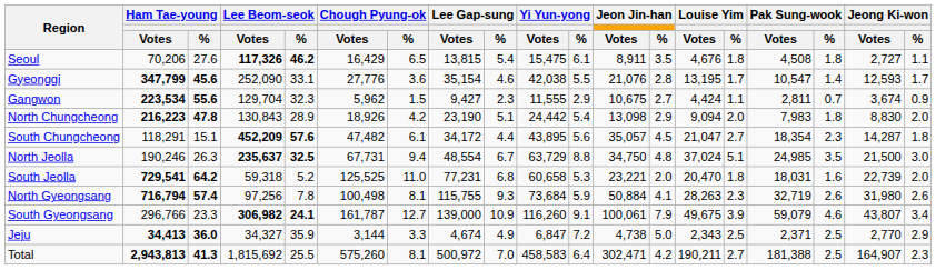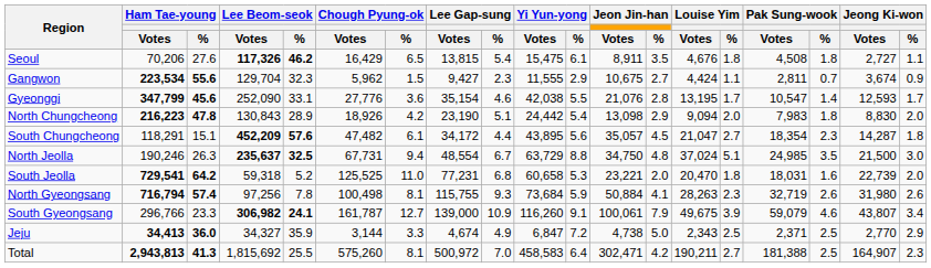 <table class="wikitable" style="text-align:right; font-size: 0.9em;">
 <tr>
 <th rowspan="3">Region</th>
 <th colspan="2"><a href='#'>Ham Tae-young</a></th>
 <th colspan="2"><a href='#'>Lee Beom-seok</a></th>
 <th colspan="2"><a href='#'>Chough Pyung-ok</a></th>
 <th colspan="2">Lee Gap-sung</th>
 <th colspan="2"><a href='#'>Yi Yun-yong</a></th>
 <th colspan="2">Jeon Jin-han</th>
 <th colspan="2">Louise Yim</th>
 <th colspan="2">Pak Sung-wook</th>
 <th colspan="2">Jeong Ki-won</th>
 </tr>
 <tr>
 <th colspan="2" style="background:"></th>
 <th colspan="2" style="background:"></th>
 <th colspan="2" style="background:"></th>
 <th colspan="2" style="background:"></th>
 <th colspan="2" style="background:"></th>
 <th colspan="2" style="background:orange;"></th>
 <th colspan="2" style="background:"></th>
 <th colspan="2" style="background:"></th>
 <th colspan="2" style="background:"></th>
 </tr>
 <tr>
 <th>Votes</th>
 <th>%</th>
 <th>Votes</th>
 <th>%</th>
 <th>Votes</th>
 <th>%</th>
 <th>Votes</th>
 <th>%</th>
 <th>Votes</th>
 <th>%</th>
 <th>Votes</th>
 <th>%</th>
 <th>Votes</th>
 <th>%</th>
 <th>Votes</th>
 <th>%</th>
 <th>Votes</th>
 <th>%</th>
 </tr>
 <tr>
 <td align=left><a href='#'>Seoul</a></td>
 <td>70,206</td>
 <td>27.6</td>
 <td><strong>117,326</strong></td>
 <td><strong>46.2</strong></td>
 <td>16,429</td>
 <td>6.5</td>
 <td>13,815</td>
 <td>5.4</td>
 <td>15,475</td>
 <td>6.1</td>
 <td>8,911</td>
 <td>3.5</td>
 <td>4,676</td>
 <td>1.8</td>
 <td>4,508</td>
 <td>1.8</td>
 <td>2,727</td>
 <td>1.1</td>
 </tr>
 <tr>
+<td align=left><a href='#'>Gangwon</a></td>
+<td><strong>223,534</strong></td>
+<td><strong>55.6</strong></td>
+<td>129,704</td>
+<td>32.3</td>
+<td>5,962</td>
+<td>1.5</td>
+<td>9,427</td>
+<td>2.3</td>
+<td>11,555</td>
+<td>2.9</td>
+<td>10,675</td>
+<td>2.7</td>
+<td>4,424</td>
+<td>1.1</td>
+<td>2,811</td>
+<td>0.7</td>
+<td>3,674</td>
+<td>0.9</td>
+</tr>
+<tr>
 <td align=left><a href='#'>Gyeonggi</a></td>
 <td><strong>347,799</strong></td>
 <td><strong>45.6</strong></td>
 <td>252,090</td>
 <td>33.1</td>
 <td>27,776</td>
 <td>3.6</td>
 <td>35,154</td>
 <td>4.6</td>
 <td>42,038</td>
 <td>5.5</td>
 <td>21,076</td>
 <td>2.8</td>
 <td>13,195</td>
 <td>1.7</td>
 <td>10,547</td>
 <td>1.4</td>
 <td>12,593</td>
 <td>1.7</td>
-</tr>
-<tr>
-<td align=left><a href='#'>Gangwon</a></td>
-<td><strong>223,534</strong></td>
-<td><strong>55.6</strong></td>
-<td>129,704</td>
-<td>32.3</td>
-<td>5,962</td>
-<td>1.5</td>
-<td>9,427</td>
-<td>2.3</td>
-<td>11,555</td>
-<td>2.9</td>
-<td>10,675</td>
-<td>2.7</td>
-<td>4,424</td>
-<td>1.1</td>
-<td>2,811</td>
-<td>0.7</td>
-<td>3,674</td>
-<td>0.9</td>
 </tr>
 <tr>
 <td align=left><a href='#'>North Chungcheong</a></td>
 <td><strong>216,223</strong></td>
 <td><strong>47.8</strong></td>
 <td>130,843</td>
 <td>28.9</td>
 <td>18,926</td>
 <td>4.2</td>
 <td>23,190</td>
 <td>5.1</td>
 <td>24,442</td>
 <td>5.4</td>
 <td>13,098</td>
 <td>2.9</td>
 <td>9,094</td>
 <td>2.0</td>
 <td>7,983</td>
 <td>1.8</td>
 <td>8,830</td>
 <td>2.0</td>
 </tr>
 <tr>
 <td align=left><a href='#'>South Chungcheong</a></td>
 <td>118,291</td>
 <td>15.1</td>
 <td><strong>452,209</strong></td>
 <td><strong>57.6</strong></td>
 <td>47,482</td>
 <td>6.1</td>
 <td>34,172</td>
 <td>4.4</td>
 <td>43,895</td>
 <td>5.6</td>
 <td>35,057</td>
 <td>4.5</td>
 <td>21,047</td>
 <td>2.7</td>
 <td>18,354</td>
 <td>2.3</td>
 <td>14,287</td>
 <td>1.8</td>
 </tr>
 <tr>
 <td align=left><a href='#'>North Jeolla</a></td>
 <td>190,246</td>
 <td>26.3</td>
 <td><strong>235,637</strong></td>
 <td><strong>32.5</strong></td>
 <td>67,731</td>
 <td>9.4</td>
 <td>48,554</td>
 <td>6.7</td>
 <td>63,729</td>
 <td>8.8</td>
 <td>34,750</td>
 <td>4.8</td>
 <td>37,024</td>
 <td>5.1</td>
 <td>24,985</td>
 <td>3.5</td>
 <td>21,500</td>
 <td>3.0</td>
 </tr>
 <tr>
 <td align=left><a href='#'>South Jeolla</a></td>
 <td><strong>729,541</strong></td>
 <td><strong>64.2</strong></td>
 <td>59,318</td>
 <td>5.2</td>
 <td>125,525</td>
 <td>11.0</td>
 <td>77,231</td>
 <td>6.8</td>
 <td>60,658</td>
 <td>5.3</td>
 <td>23,221</td>
 <td>2.0</td>
 <td>20,470</td>
 <td>1.8</td>
 <td>18,031</td>
 <td>1.6</td>
 <td>22,739</td>
 <td>2.0</td>
 </tr>
 <tr>
 <td align=left><a href='#'>North Gyeongsang</a></td>
 <td><strong>716,794</strong></td>
 <td><strong>57.4</strong></td>
 <td>97,256</td>
 <td>7.8</td>
 <td>100,498</td>
 <td>8.1</td>
 <td>115,755</td>
 <td>9.3</td>
 <td>73,684</td>
 <td>5.9</td>
 <td>50,884</td>
 <td>4.1</td>
 <td>28,263</td>
 <td>2.3</td>
 <td>32,719</td>
 <td>2.6</td>
 <td>31,980</td>
 <td>2.6</td>
 </tr>
 <tr>
 <td align=left><a href='#'>South Gyeongsang</a></td>
 <td>296,766</td>
 <td>23.3</td>
 <td><strong>306,982</strong></td>
 <td><strong>24.1</strong></td>
 <td>161,787</td>
 <td>12.7</td>
 <td>139,000</td>
 <td>10.9</td>
 <td>116,260</td>
 <td>9.1</td>
 <td>100,061</td>
 <td>7.9</td>
 <td>49,675</td>
 <td>3.9</td>
 <td>59,079</td>
 <td>4.6</td>
 <td>43,807</td>
 <td>3.4</td>
 </tr>
 <tr>
 <td align=left><a href='#'>Jeju</a></td>
 <td><strong>34,413</strong></td>
 <td><strong>36.0</strong></td>
 <td>34,327</td>
 <td>35.9</td>
 <td>3,144</td>
 <td>3.3</td>
 <td>4,674</td>
 <td>4.9</td>
 <td>6,847</td>
 <td>7.2</td>
 <td>4,738</td>
 <td>5.0</td>
 <td>2,343</td>
 <td>2.5</td>
 <td>2,371</td>
 <td>2.5</td>
 <td>2,770</td>
 <td>2.9</td>
 </tr>
 <tr class=sortbottom>
 <td align=left>Total</td>
 <td><strong>2,943,813</strong></td>
 <td><strong>41.3</strong></td>
 <td>1,815,692</td>
 <td>25.5</td>
 <td>575,260</td>
 <td>8.1</td>
 <td>500,972</td>
 <td>7.0</td>
 <td>458,583</td>
 <td>6.4</td>
 <td>302,471</td>
 <td>4.2</td>
 <td>190,211</td>
 <td>2.7</td>
 <td>181,388</td>
 <td>2.5</td>
 <td>164,907</td>
 <td>2.3</td>
 </tr>
 </table>
